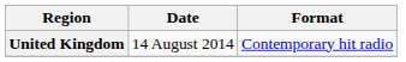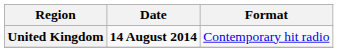 <table class="wikitable plainrowheaders">
 <tr>
 <th>Region</th>
 <th>Date</th>
 <th>Format</th>
 </tr>
 <tr>
 <th scope="row">United Kingdom</th>
-<td>14 August 2014</td>
+<td><strong>14 August 2014</strong></td>
 <td><a href='#'>Contemporary hit radio</a></td>
 </tr>
 <tr>
 </tr>
 </table>
